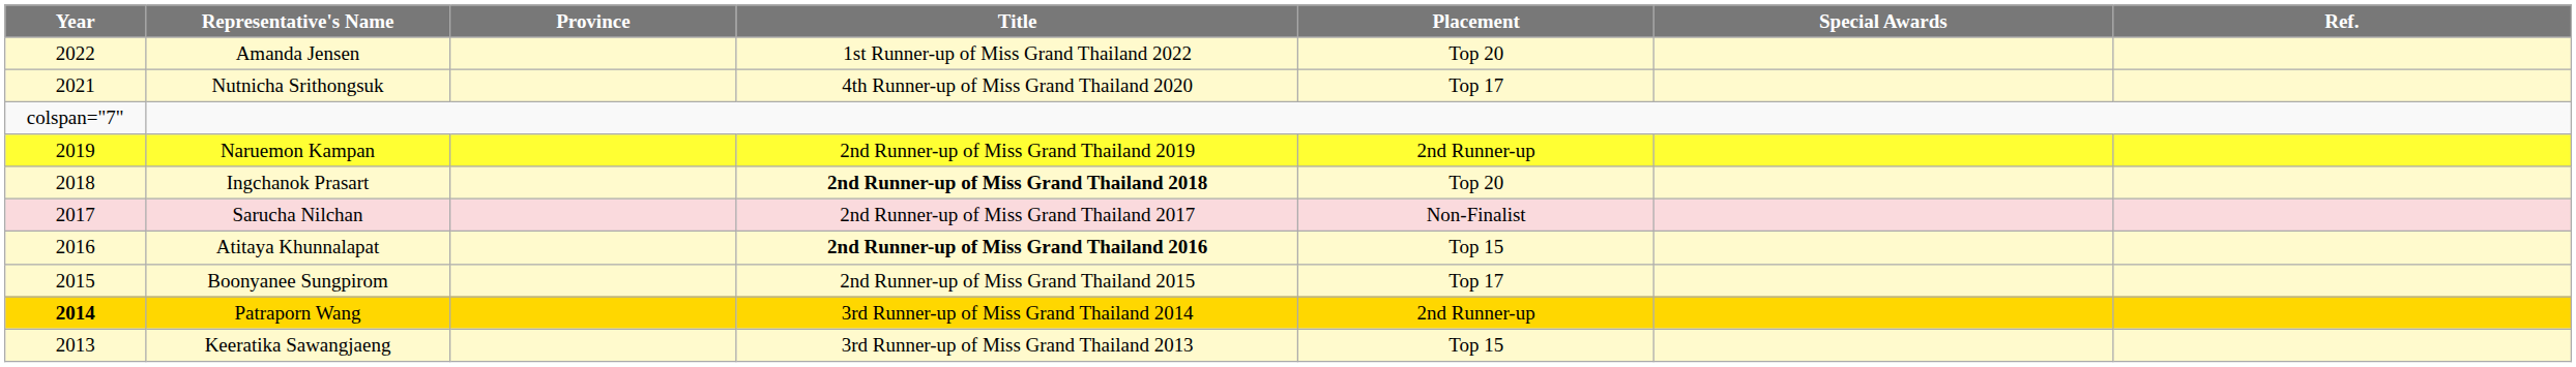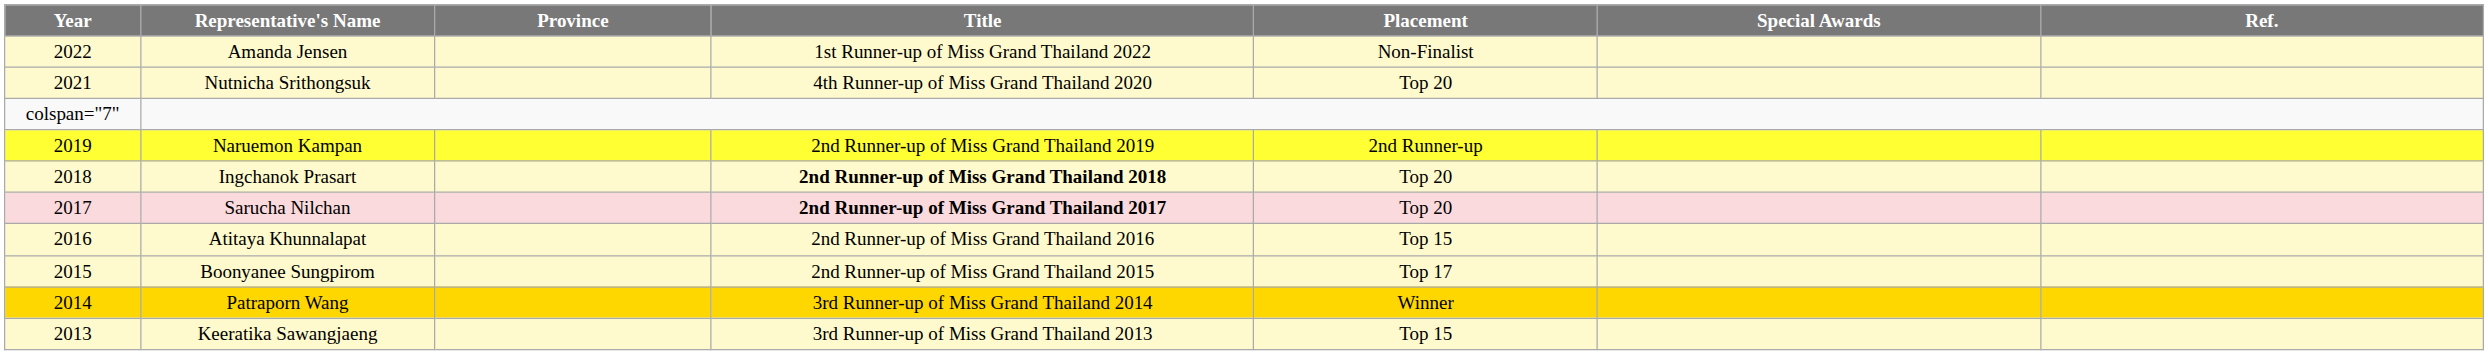 <table class="wikitable" style="font-size: 95%; text-align:center; width: 100%">
 <tr>
 <th width="60" style="background-color:#787878;color:#FFFFFF;">Year</th>
 <th width="170" style="background-color:#787878;color:#FFFFFF;">Representative's Name</th>
 <th width="160" style="background-color:#787878;color:#FFFFFF;">Province</th>
 <th width="320" style="background-color:#787878;color:#FFFFFF;">Title</th>
 <th width="200" style="background-color:#787878;color:#FFFFFF;">Placement</th>
 <th width="260" style="background-color:#787878;color:#FFFFFF;">Special Awards</th>
 <th width="260" style="background-color:#787878;color:#FFFFFF;">Ref.</th>
 </tr>
 <tr style="background-color:#FFFACD; ">
 <td>2022</td>
 <td>Amanda Jensen</td>
 <td></td>
 <td>1st Runner-up of Miss Grand Thailand 2022</td>
-<td>Top 20</td>
+<td>Non-Finalist</td>
 <td style="background:;"></td>
 <td></td>
 </tr>
 <tr style="background-color:#FFFACD; ">
 <td>2021</td>
 <td>Nutnicha Srithongsuk</td>
 <td></td>
 <td>4th Runner-up of Miss Grand Thailand 2020</td>
-<td>Top 17</td>
+<td>Top 20</td>
 <td style="background:;"></td>
 <td></td>
 </tr>
 <tr>
 <td>colspan="7" </td>
 </tr>
 <tr style="background-color:#FFFF33; ">
 <td>2019</td>
 <td>Naruemon Kampan</td>
 <td></td>
 <td>2nd Runner-up of Miss Grand Thailand 2019</td>
 <td>2nd Runner-up</td>
 <td style="background:;"></td>
 <td></td>
 </tr>
 <tr style="background-color:#FFFACD; ">
 <td>2018</td>
 <td>Ingchanok Prasart</td>
 <td></td>
 <td><strong>2nd Runner-up of Miss Grand Thailand 2018</strong></td>
 <td>Top 20</td>
 <td style="background:;"></td>
 <td></td>
 </tr>
 <tr style="background-color:#FADADD; ">
 <td>2017</td>
 <td>Sarucha Nilchan</td>
 <td></td>
-<td>2nd Runner-up of Miss Grand Thailand 2017</td>
-<td>Non-Finalist</td>
+<td><strong>2nd Runner-up of Miss Grand Thailand 2017</strong></td>
+<td>Top 20</td>
 <td style="background:;"></td>
 <td></td>
 </tr>
 <tr style="background-color:#FFFACD; ">
 <td>2016</td>
 <td>Atitaya Khunnalapat</td>
 <td></td>
-<td><strong>2nd Runner-up of Miss Grand Thailand 2016</strong></td>
+<td>2nd Runner-up of Miss Grand Thailand 2016</td>
 <td>Top 15</td>
 <td style="background:;"></td>
 <td></td>
 </tr>
 <tr style="background-color:#FFFACD; ">
 <td>2015</td>
 <td>Boonyanee Sungpirom</td>
 <td></td>
 <td>2nd Runner-up of Miss Grand Thailand 2015</td>
 <td>Top 17</td>
 <td style="background:;"></td>
 <td></td>
 </tr>
 <tr style="background-color:gold; ">
-<td><strong>2014</strong></td>
+<td>2014</td>
 <td>Patraporn Wang</td>
 <td></td>
 <td>3rd Runner-up of Miss Grand Thailand 2014</td>
-<td>2nd Runner-up</td>
+<td>Winner</td>
 <td style="background:;"></td>
 <td></td>
 </tr>
 <tr style="background-color:#FFFACD; ">
 <td>2013</td>
 <td>Keeratika Sawangjaeng</td>
 <td></td>
 <td>3rd Runner-up of Miss Grand Thailand 2013</td>
 <td>Top 15</td>
 <td style="background:;"></td>
 <td></td>
 </tr>
 </table>
